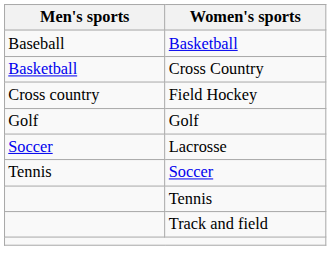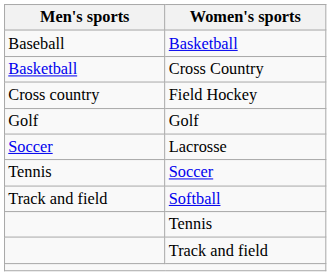 <table class="wikitable"; style= "text-align: ">
 <tr>
 <th width=150px>Men's sports</th>
 <th width=150px>Women's sports</th>
 </tr>
 <tr>
 <td>Baseball</td>
 <td><a href='#'>Basketball</a></td>
 </tr>
 <tr>
 <td><a href='#'>Basketball</a></td>
 <td>Cross Country</td>
 </tr>
 <tr>
 <td>Cross country</td>
 <td>Field Hockey</td>
 </tr>
 <tr>
 <td>Golf</td>
 <td>Golf</td>
 </tr>
 <tr>
 <td><a href='#'>Soccer</a></td>
 <td>Lacrosse</td>
 </tr>
 <tr>
 <td>Tennis</td>
 <td><a href='#'>Soccer</a></td>
 </tr>
 <tr>
+<td>Track and field</td>
+<td><a href='#'>Softball</a></td>
+</tr>
+<tr>
 <td></td>
 <td>Tennis</td>
 </tr>
 <tr>
 <td></td>
 <td>Track and field</td>
 </tr>
 <tr>
 <td colspan="2"></td>
 </tr>
 </table>
